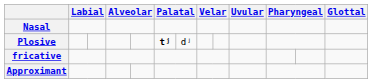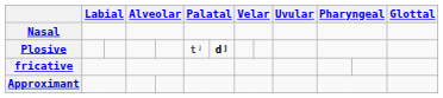 <table class="wikitable" style=text-align:center>
 <tr>
 <th></th>
 <th colspan=2><a href='#'>Labial</a></th>
 <th colspan=2><a href='#'>Alveolar</a></th>
 <th colspan=2><a href='#'>Palatal</a></th>
 <th colspan=2><a href='#'>Velar</a></th>
 <th><a href='#'>Uvular</a></th>
 <th colspan=2><a href='#'>Pharyngeal</a></th>
 <th><a href='#'>Glottal</a></th>
 </tr>
 <tr>
 <th><a href='#'>Nasal</a></th>
 <td colspan=2></td>
 <td colspan=2></td>
 <td colspan=2></td>
 <td colspan=2></td>
 <td></td>
 <td colspan=2></td>
 <td></td>
 </tr>
 <tr>
 <th><a href='#'>Plosive</a></th>
 <td></td>
 <td></td>
 <td></td>
 <td></td>
-<td><strong>tʲ</strong></td>
-<td>dʲ</td>
+<td>tʲ</td>
+<td><strong>dʲ</strong></td>
 <td></td>
 <td></td>
 <td></td>
 <td colspan=2></td>
 <td></td>
 </tr>
 <tr>
 <th><a href='#'>fricative</a></th>
 <td colspan=2></td>
 <td colspan=2></td>
 <td colspan=2></td>
 <td colspan=2></td>
 <td></td>
 <td></td>
 <td></td>
 <td></td>
 </tr>
 <tr>
 <th><a href='#'>Approximant</a></th>
 <td colspan=2></td>
 <td></td>
 <td></td>
 <td colspan=2></td>
 <td colspan=2></td>
 <td></td>
 <td colspan=2></td>
 <td></td>
 </tr>
 </table>
